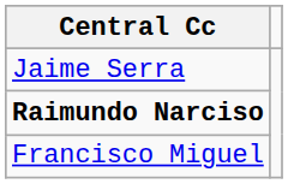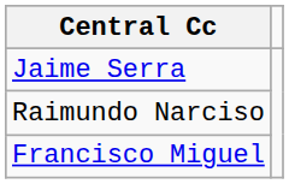 <table class="wikitable">
 <tr>
 <th>Central Cc</th>
 </tr>
 <tr>
 <td><a href='#'>Jaime Serra</a></td>
 <td rowspan="3"></td>
 </tr>
 <tr>
-<td><strong>Raimundo Narciso</strong></td>
+<td>Raimundo Narciso</td>
 </tr>
 <tr>
 <td><a href='#'>Francisco Miguel</a></td>
 </tr>
 </table>
